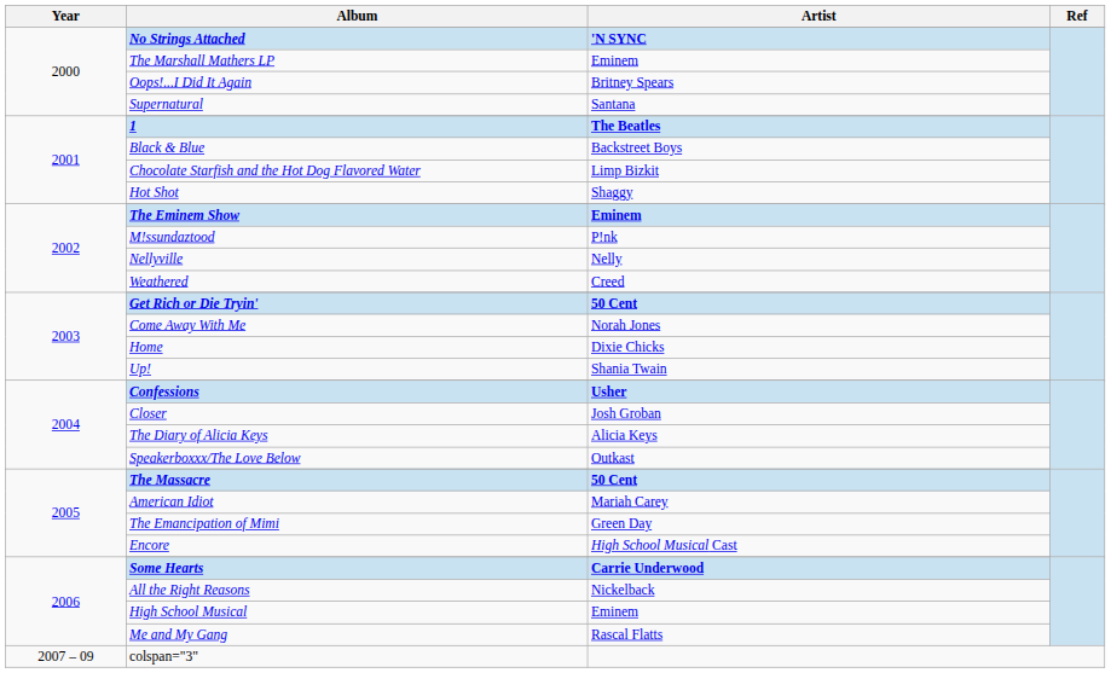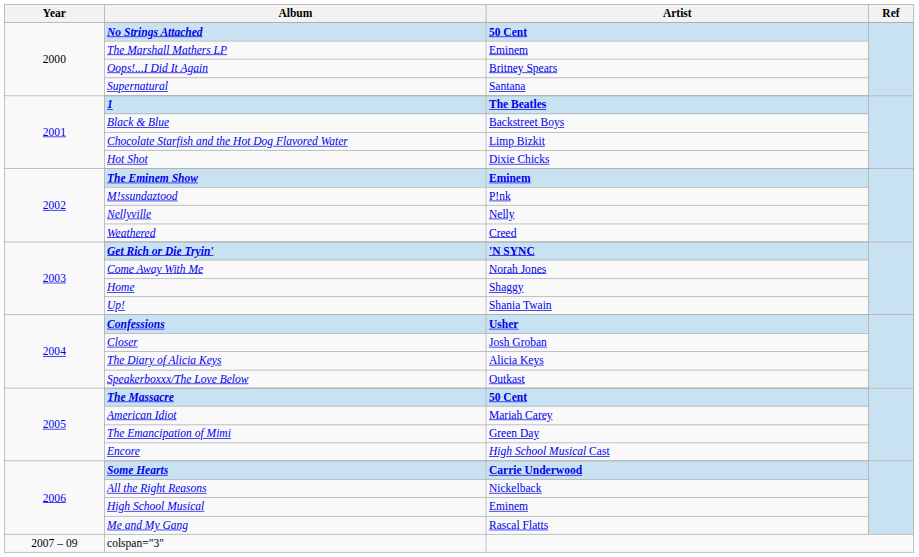 <table class="wikitable" style="width:100%;">
 <tr style="background:#bebebe;">
 <th style="width:11%;">Year</th>
 <th style="width:42%;">Album</th>
 <th style="width:42%;">Artist</th>
 <th style="width:5%;">Ref</th>
 </tr>
 <tr>
 <td rowspan="5" align="center">2000</td>
 </tr>
 <tr style="background:#c9e2f2">
 <td><strong><em><a href='#'>No Strings Attached</a></em></strong></td>
-<td><strong><a href='#'>'N SYNC</a></strong></td>
+<td><strong><a href='#'>50 Cent</a></strong></td>
 <td rowspan="5" align="center"></td>
 </tr>
 <tr>
 <td><em><a href='#'>The Marshall Mathers LP</a></em></td>
 <td><a href='#'>Eminem</a></td>
 </tr>
 <tr>
 <td><em><a href='#'>Oops!...I Did It Again</a></em></td>
 <td><a href='#'>Britney Spears</a></td>
 </tr>
 <tr>
 <td><em><a href='#'>Supernatural</a></em></td>
 <td><a href='#'>Santana</a></td>
 </tr>
 <tr>
 <td rowspan="5" align="center"><a href='#'>2001</a></td>
 </tr>
 <tr style="background:#c9e2f2">
 <td><strong><em><a href='#'>1</a></em></strong></td>
 <td><strong><a href='#'>The Beatles</a></strong></td>
 <td rowspan="5" align="center"></td>
 </tr>
 <tr>
 <td><em><a href='#'>Black & Blue</a></em></td>
 <td><a href='#'>Backstreet Boys</a></td>
 </tr>
 <tr>
 <td><em><a href='#'>Chocolate Starfish and the Hot Dog Flavored Water</a></em></td>
 <td><a href='#'>Limp Bizkit</a></td>
 </tr>
 <tr>
 <td><em><a href='#'>Hot Shot</a></em></td>
-<td><a href='#'>Shaggy</a></td>
+<td><a href='#'>Dixie Chicks</a></td>
 </tr>
 <tr>
 <td rowspan="5" align="center"><a href='#'>2002</a></td>
 </tr>
 <tr style="background:#c9e2f2">
 <td><strong><em><a href='#'>The Eminem Show</a></em></strong></td>
 <td><strong><a href='#'>Eminem</a></strong></td>
 <td rowspan="5" align="center"></td>
 </tr>
 <tr>
 <td><em><a href='#'>M!ssundaztood</a></em></td>
 <td><a href='#'>P!nk</a></td>
 </tr>
 <tr>
 <td><em><a href='#'>Nellyville</a></em></td>
 <td><a href='#'>Nelly</a></td>
 </tr>
 <tr>
 <td><em><a href='#'>Weathered</a></em></td>
 <td><a href='#'>Creed</a></td>
 </tr>
 <tr>
 <td rowspan="5" align="center"><a href='#'>2003</a></td>
 </tr>
 <tr style="background:#c9e2f2">
 <td><strong><em><a href='#'>Get Rich or Die Tryin'</a></em></strong></td>
-<td><strong><a href='#'>50 Cent</a></strong></td>
+<td><strong><a href='#'>'N SYNC</a></strong></td>
 <td rowspan="5" align="center"></td>
 </tr>
 <tr>
 <td><em><a href='#'>Come Away With Me</a></em></td>
 <td><a href='#'>Norah Jones</a></td>
 </tr>
 <tr>
 <td><em><a href='#'>Home</a></em></td>
-<td><a href='#'>Dixie Chicks</a></td>
+<td><a href='#'>Shaggy</a></td>
 </tr>
 <tr>
 <td><em><a href='#'>Up!</a></em></td>
 <td><a href='#'>Shania Twain</a></td>
 </tr>
 <tr>
 <td rowspan="5" align="center"><a href='#'>2004</a></td>
 </tr>
 <tr style="background:#c9e2f2">
 <td><strong><em><a href='#'>Confessions</a></em></strong></td>
 <td><strong><a href='#'>Usher</a></strong></td>
 <td rowspan="5" align="center"></td>
 </tr>
 <tr>
 <td><em><a href='#'>Closer</a></em></td>
 <td><a href='#'>Josh Groban</a></td>
 </tr>
 <tr>
 <td><em><a href='#'>The Diary of Alicia Keys</a></em></td>
 <td><a href='#'>Alicia Keys</a></td>
 </tr>
 <tr>
 <td><em><a href='#'>Speakerboxxx/The Love Below</a></em></td>
 <td><a href='#'>Outkast</a></td>
 </tr>
 <tr>
 <td rowspan="5" align="center"><a href='#'>2005</a></td>
 </tr>
 <tr style="background:#c9e2f2">
 <td><strong><em><a href='#'>The Massacre</a></em></strong></td>
 <td><strong><a href='#'>50 Cent</a></strong></td>
 <td rowspan="5" align="center"></td>
 </tr>
 <tr>
 <td><em><a href='#'>American Idiot</a></em></td>
 <td><a href='#'>Mariah Carey</a></td>
 </tr>
 <tr>
 <td><em><a href='#'>The Emancipation of Mimi</a></em></td>
 <td><a href='#'>Green Day</a></td>
 </tr>
 <tr>
 <td><em><a href='#'>Encore</a></em></td>
 <td><a href='#'><em>High School Musical</em> Cast</a></td>
 </tr>
 <tr>
 <td rowspan="5" align="center"><a href='#'>2006</a></td>
 </tr>
 <tr style="background:#c9e2f2">
 <td><strong><em><a href='#'>Some Hearts</a></em></strong></td>
 <td><strong><a href='#'>Carrie Underwood</a></strong></td>
 <td rowspan="4" align="center"></td>
 </tr>
 <tr>
 <td><em><a href='#'>All the Right Reasons</a></em></td>
 <td><a href='#'>Nickelback</a></td>
 </tr>
 <tr>
 <td><em><a href='#'>High School Musical</a></em></td>
 <td><a href='#'>Eminem</a></td>
 </tr>
 <tr>
 <td><em><a href='#'>Me and My Gang</a></em></td>
 <td><a href='#'>Rascal Flatts</a></td>
 </tr>
 <tr>
 <td align="center">2007 – 09</td>
 <td>colspan="3" </td>
 </tr>
 </table>
